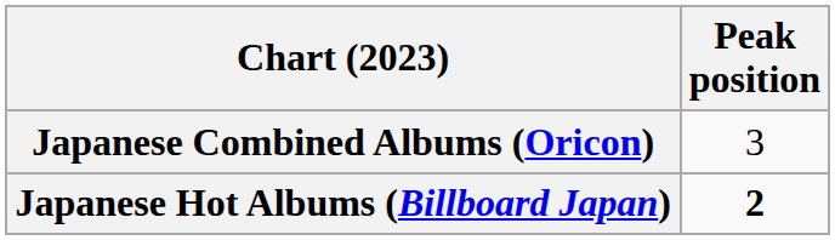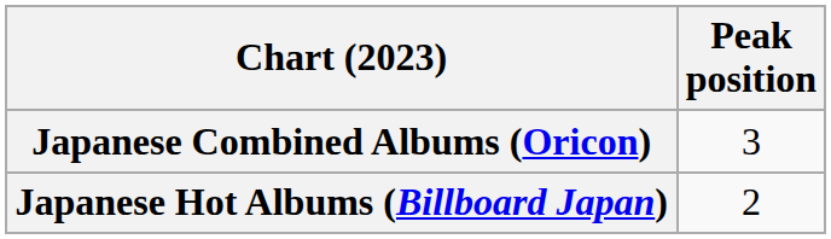 <table class="wikitable sortable plainrowheaders" style="text-align:center;">
 <tr>
 <th scope="col">Chart (2023)</th>
 <th scope="col">Peak<br>position</th>
 </tr>
 <tr>
 </tr>
 <tr>
 <th scope="row">Japanese Combined Albums (<a href='#'>Oricon</a>)</th>
 <td>3</td>
 </tr>
 <tr>
 <th scope="row">Japanese Hot Albums (<em><a href='#'>Billboard Japan</a></em>)</th>
-<td><strong>2</strong></td>
+<td>2</td>
 </tr>
 </table>
